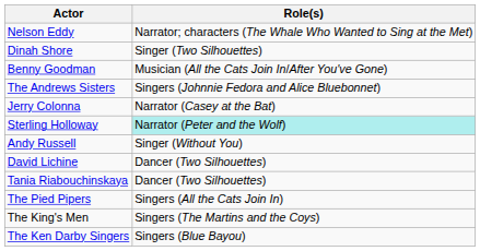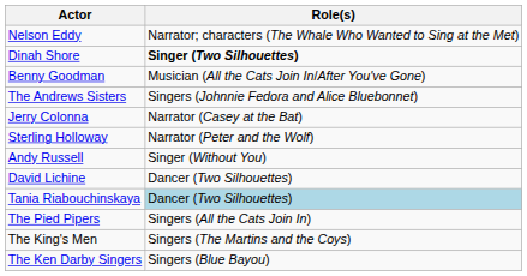 <table class="wikitable">
 <tr>
 <th>Actor</th>
 <th>Role(s)</th>
 </tr>
 <tr>
 <td><a href='#'>Nelson Eddy</a></td>
 <td>Narrator; characters (<em>The Whale Who Wanted to Sing at the Met</em>)</td>
 </tr>
 <tr>
 <td><a href='#'>Dinah Shore</a></td>
-<td>Singer (<em>Two Silhouettes</em>)</td>
+<td><strong>Singer (<em>Two Silhouettes</em>)</strong></td>
 </tr>
 <tr>
 <td><a href='#'>Benny Goodman</a></td>
 <td>Musician (<em>All the Cats Join In</em>/<em>After You've Gone</em>)</td>
 </tr>
 <tr>
 <td><a href='#'>The Andrews Sisters</a></td>
 <td>Singers (<em>Johnnie Fedora and Alice Bluebonnet</em>)</td>
 </tr>
 <tr>
 <td><a href='#'>Jerry Colonna</a></td>
 <td>Narrator (<em>Casey at the Bat</em>)</td>
 </tr>
 <tr>
 <td><a href='#'>Sterling Holloway</a></td>
-<td style="background: paleturquoise;">Narrator (<em>Peter and the Wolf</em>)</td>
+<td>Narrator (<em>Peter and the Wolf</em>)</td>
 </tr>
 <tr>
 <td><a href='#'>Andy Russell</a></td>
 <td>Singer (<em>Without You</em>)</td>
 </tr>
 <tr>
 <td><a href='#'>David Lichine</a></td>
 <td>Dancer (<em>Two Silhouettes</em>)</td>
 </tr>
 <tr>
 <td><a href='#'>Tania Riabouchinskaya</a></td>
-<td>Dancer (<em>Two Silhouettes</em>)</td>
+<td style="background: lightblue;">Dancer (<em>Two Silhouettes</em>)</td>
 </tr>
 <tr>
 <td><a href='#'>The Pied Pipers</a></td>
 <td>Singers (<em>All the Cats Join In</em>)</td>
 </tr>
 <tr>
 <td>The King's Men</td>
 <td>Singers (<em>The Martins and the Coys</em>)</td>
 </tr>
 <tr>
 <td><a href='#'>The Ken Darby Singers</a></td>
 <td>Singers (<em>Blue Bayou</em>)</td>
 </tr>
 </table>
